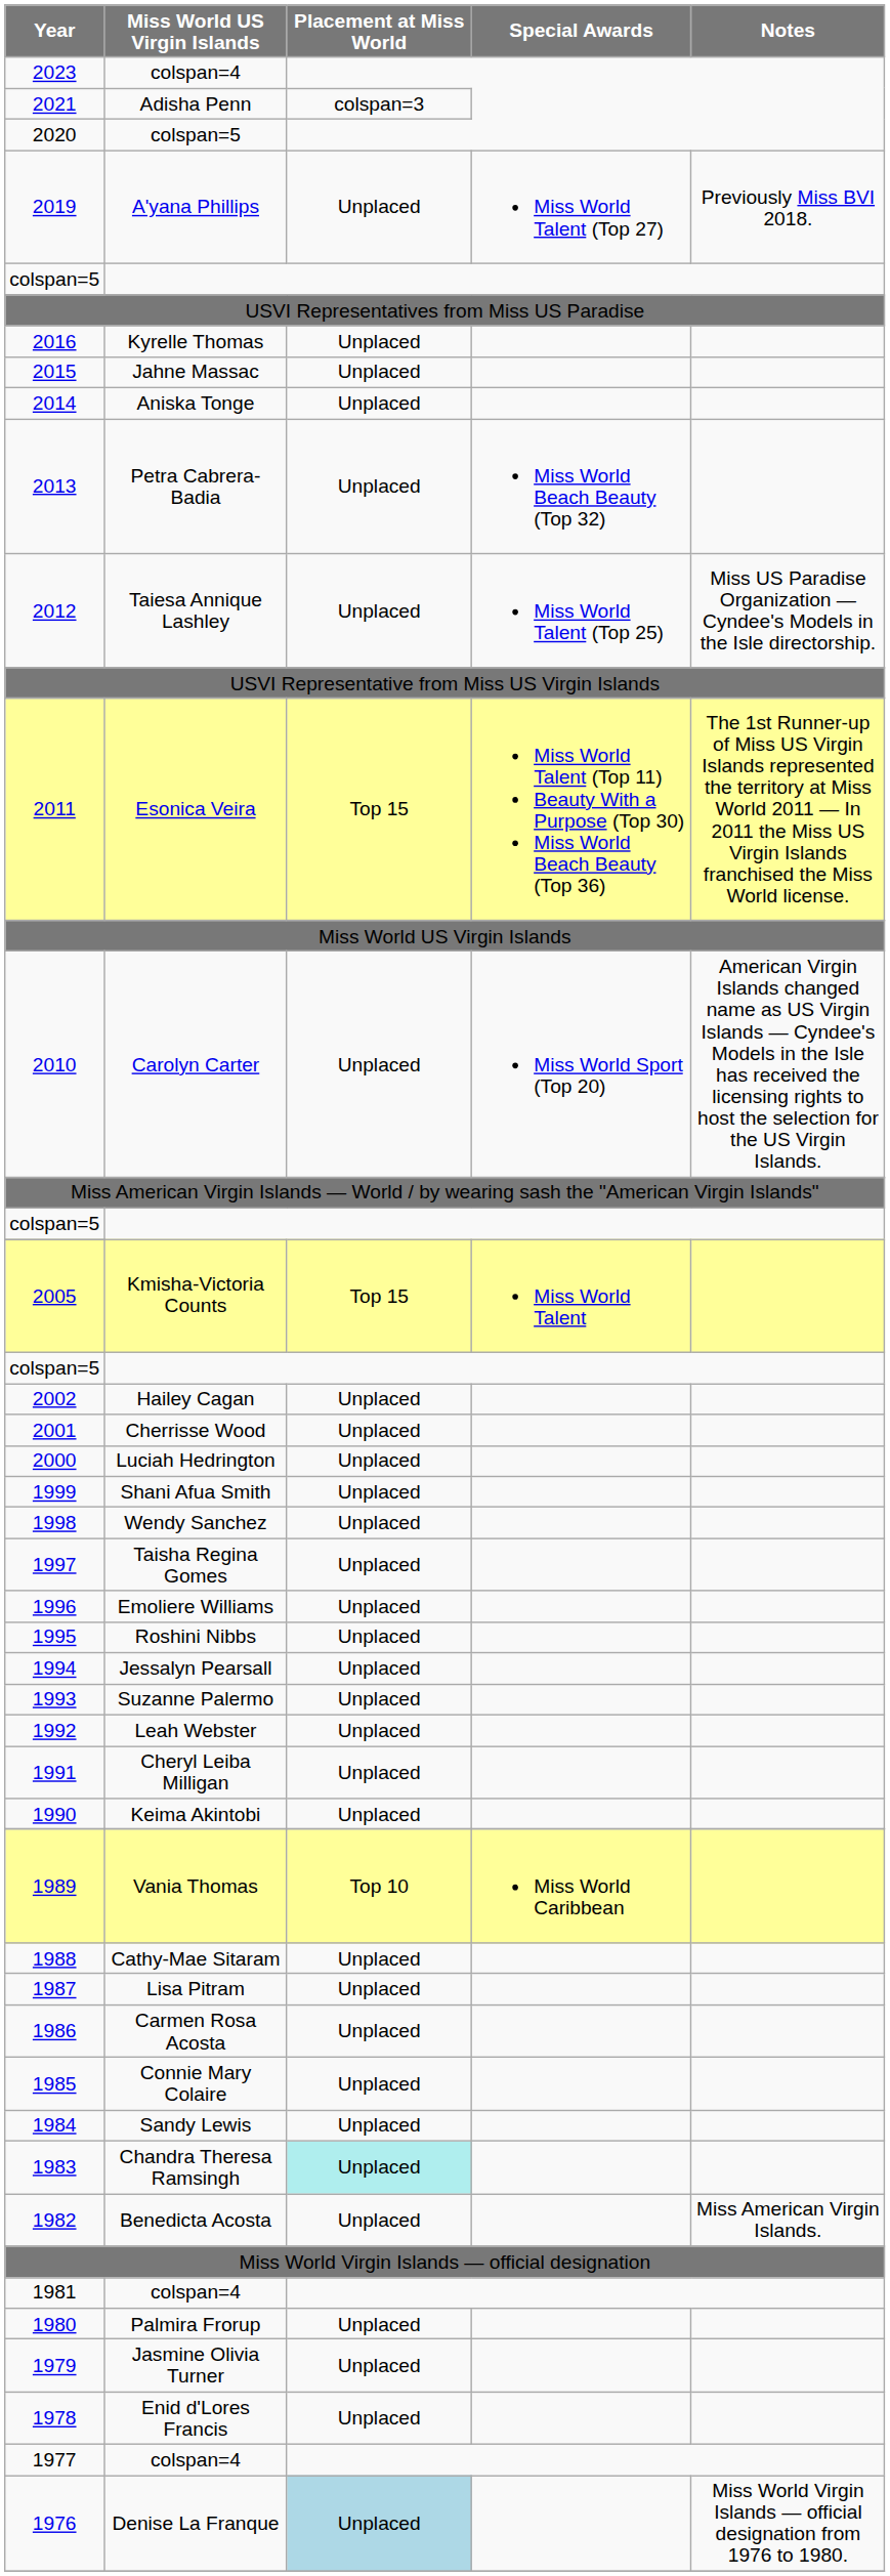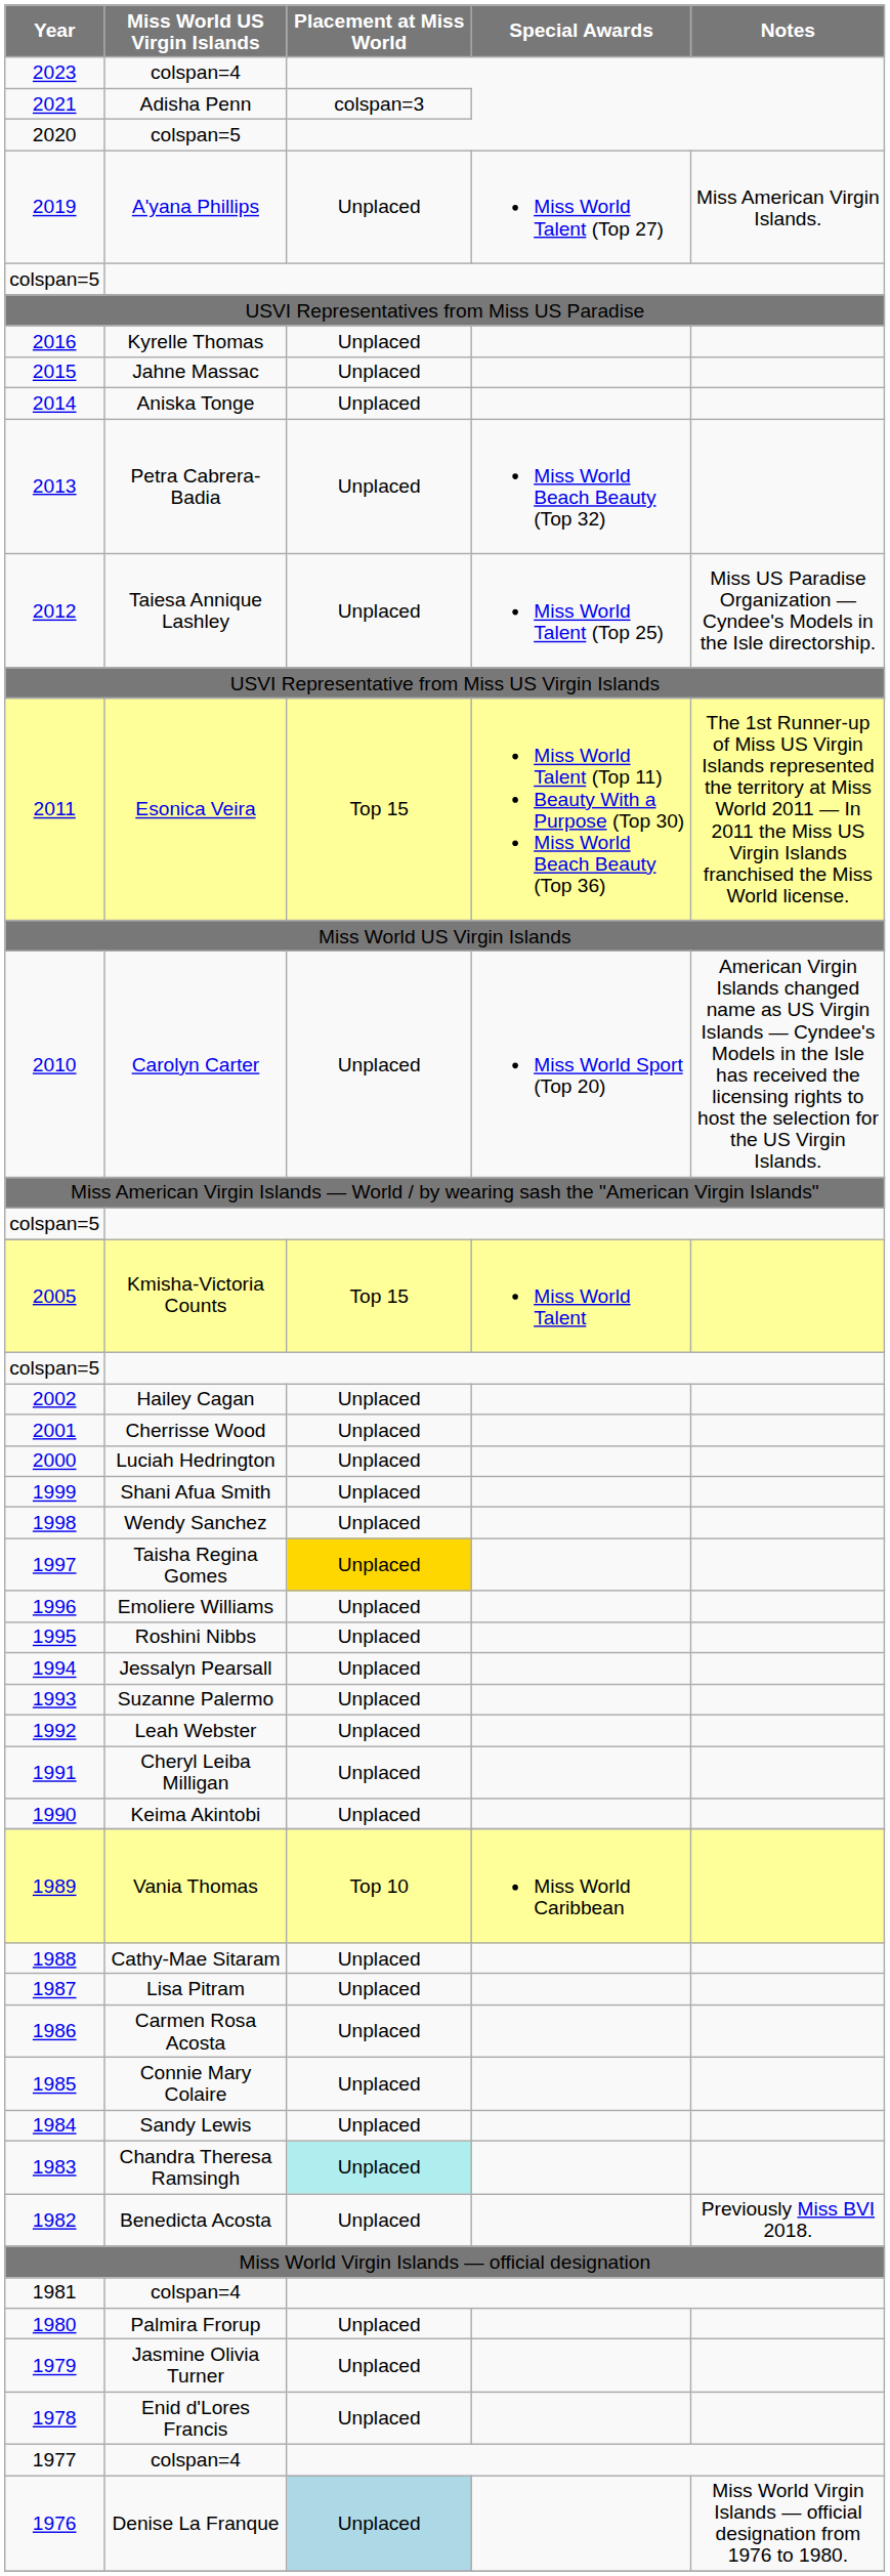 <table class="wikitable " style="font-size: 85%; text-align:center">
 <tr>
 <th width="60" style="background-color:#787878;color:#FFFFFF;">Year</th>
 <th width="250" style="background-color:#787878;color:#FFFFFF;">Miss World US Virgin Islands</th>
 <th width="250" style="background-color:#787878;color:#FFFFFF;">Placement at Miss World</th>
 <th width="250" style="background-color:#787878;color:#FFFFFF;">Special Awards</th>
 <th width="250" style="background-color:#787878;color:#FFFFFF;">Notes</th>
 </tr>
 <tr>
 <td><a href='#'>2023</a></td>
 <td>colspan=4 </td>
 </tr>
 <tr>
 <td><a href='#'>2021</a></td>
 <td>Adisha Penn</td>
 <td>colspan=3 </td>
 </tr>
 <tr>
 <td>2020</td>
 <td>colspan=5 </td>
 </tr>
 <tr>
 <td><a href='#'>2019</a></td>
 <td><a href='#'>A'yana Phillips</a></td>
 <td>Unplaced</td>
 <td align="left"><br><ul><li><a href='#'>Miss World Talent</a> (Top 27)</li></ul></td>
-<td>Previously <a href='#'>Miss BVI</a> 2018.</td>
+<td>Miss American Virgin Islands.</td>
 </tr>
 <tr>
 <td>colspan=5 </td>
 </tr>
 <tr>
 </tr>
 <tr bgcolor="#787878" align="center">
 <td colspan="5"><span>USVI Representatives from Miss US Paradise</span></td>
 </tr>
 <tr>
 <td><a href='#'>2016</a></td>
 <td>Kyrelle Thomas</td>
 <td>Unplaced</td>
 <td></td>
 <td></td>
 </tr>
 <tr>
 <td><a href='#'>2015</a></td>
 <td>Jahne Massac</td>
 <td>Unplaced</td>
 <td></td>
 <td></td>
 </tr>
 <tr>
 <td><a href='#'>2014</a></td>
 <td>Aniska Tonge</td>
 <td>Unplaced</td>
 <td></td>
 <td></td>
 </tr>
 <tr>
 <td><a href='#'>2013</a></td>
 <td>Petra Cabrera-Badia</td>
 <td>Unplaced</td>
 <td align="left"><br><ul><li><a href='#'>Miss World Beach Beauty</a> (Top 32)</li></ul></td>
 <td></td>
 </tr>
 <tr>
 <td><a href='#'>2012</a></td>
 <td>Taiesa Annique Lashley</td>
 <td>Unplaced</td>
 <td align="left"><br><ul><li><a href='#'>Miss World Talent</a> (Top 25)</li></ul></td>
 <td>Miss US Paradise Organization — Cyndee's Models in the Isle directorship.</td>
 </tr>
 <tr>
 </tr>
 <tr bgcolor="#787878" align="center">
 <td colspan="5"><span>USVI Representative from Miss US Virgin Islands</span></td>
 </tr>
 <tr>
 </tr>
 <tr style="background-color:#FFFF99;">
 <td><a href='#'>2011</a></td>
 <td><a href='#'>Esonica Veira</a></td>
 <td>Top 15</td>
 <td align="left"><br><ul><li><a href='#'>Miss World Talent</a> (Top 11)</li><li><a href='#'>Beauty With a Purpose</a> (Top 30)</li><li><a href='#'>Miss World Beach Beauty</a> (Top 36)</li></ul></td>
 <td>The 1st Runner-up of Miss US Virgin Islands represented the territory at Miss World 2011 — In 2011 the Miss US Virgin Islands franchised the Miss World license.</td>
 </tr>
 <tr>
 </tr>
 <tr bgcolor="#787878" align="center">
 <td colspan="5"><span>Miss World US Virgin Islands</span></td>
 </tr>
 <tr>
 <td><a href='#'>2010</a></td>
 <td><a href='#'>Carolyn Carter</a></td>
 <td>Unplaced</td>
 <td align="left"><br><ul><li><a href='#'>Miss World Sport</a> (Top 20)</li></ul></td>
 <td>American Virgin Islands changed name as US Virgin Islands — Cyndee's Models in the Isle has received the licensing rights to host the selection for the US Virgin Islands.</td>
 </tr>
 <tr>
 </tr>
 <tr bgcolor="#787878" align="center">
 <td colspan="5"><span>Miss American Virgin Islands — World / by wearing sash the "American Virgin Islands"</span></td>
 </tr>
 <tr>
 <td>colspan=5 </td>
 </tr>
 <tr>
 </tr>
 <tr style="background-color:#FFFF99;">
 <td><a href='#'>2005</a></td>
 <td>Kmisha-Victoria Counts</td>
 <td>Top 15</td>
 <td align="left"><br><ul><li><a href='#'>Miss World Talent</a></li></ul></td>
 <td></td>
 </tr>
 <tr>
 <td>colspan=5 </td>
 </tr>
 <tr>
 <td><a href='#'>2002</a></td>
 <td>Hailey Cagan</td>
 <td>Unplaced</td>
 <td></td>
 <td></td>
 </tr>
 <tr>
 <td><a href='#'>2001</a></td>
 <td>Cherrisse Wood</td>
 <td>Unplaced</td>
 <td></td>
 <td></td>
 </tr>
 <tr>
 <td><a href='#'>2000</a></td>
 <td>Luciah Hedrington</td>
 <td>Unplaced</td>
 <td></td>
 <td></td>
 </tr>
 <tr>
 <td><a href='#'>1999</a></td>
 <td>Shani Afua Smith</td>
 <td>Unplaced</td>
 <td></td>
 <td></td>
 </tr>
 <tr>
 <td><a href='#'>1998</a></td>
 <td>Wendy Sanchez</td>
 <td>Unplaced</td>
 <td></td>
 <td></td>
 </tr>
 <tr>
 <td><a href='#'>1997</a></td>
 <td>Taisha Regina Gomes</td>
-<td>Unplaced</td>
+<td style="background: gold;">Unplaced</td>
 <td></td>
 <td></td>
 </tr>
 <tr>
 <td><a href='#'>1996</a></td>
 <td>Emoliere Williams</td>
 <td>Unplaced</td>
 <td></td>
 <td></td>
 </tr>
 <tr>
 <td><a href='#'>1995</a></td>
 <td>Roshini Nibbs</td>
 <td>Unplaced</td>
 <td></td>
 <td></td>
 </tr>
 <tr>
 <td><a href='#'>1994</a></td>
 <td>Jessalyn Pearsall</td>
 <td>Unplaced</td>
 <td></td>
 <td></td>
 </tr>
 <tr>
 <td><a href='#'>1993</a></td>
 <td>Suzanne Palermo</td>
 <td>Unplaced</td>
 <td></td>
 <td></td>
 </tr>
 <tr>
 <td><a href='#'>1992</a></td>
 <td>Leah Webster</td>
 <td>Unplaced</td>
 <td></td>
 <td></td>
 </tr>
 <tr>
 <td><a href='#'>1991</a></td>
 <td>Cheryl Leiba Milligan</td>
 <td>Unplaced</td>
 <td></td>
 <td></td>
 </tr>
 <tr>
 <td><a href='#'>1990</a></td>
 <td>Keima Akintobi</td>
 <td>Unplaced</td>
 <td></td>
 <td></td>
 </tr>
 <tr>
 </tr>
 <tr style="background-color:#FFFF99;">
 <td><a href='#'>1989</a></td>
 <td>Vania Thomas</td>
 <td>Top 10</td>
 <td align="left"><br><ul><li>Miss World Caribbean</li></ul></td>
 <td></td>
 </tr>
 <tr>
 <td><a href='#'>1988</a></td>
 <td>Cathy-Mae Sitaram</td>
 <td>Unplaced</td>
 <td></td>
 <td></td>
 </tr>
 <tr>
 <td><a href='#'>1987</a></td>
 <td>Lisa Pitram</td>
 <td>Unplaced</td>
 <td></td>
 <td></td>
 </tr>
 <tr>
 <td><a href='#'>1986</a></td>
 <td>Carmen Rosa Acosta</td>
 <td>Unplaced</td>
 <td></td>
 <td></td>
 </tr>
 <tr>
 <td><a href='#'>1985</a></td>
 <td>Connie Mary Colaire</td>
 <td>Unplaced</td>
 <td></td>
 <td></td>
 </tr>
 <tr>
 <td><a href='#'>1984</a></td>
 <td>Sandy Lewis</td>
 <td>Unplaced</td>
 <td></td>
 <td></td>
 </tr>
 <tr>
 <td><a href='#'>1983</a></td>
 <td>Chandra Theresa Ramsingh</td>
 <td style="background: paleturquoise;">Unplaced</td>
 <td></td>
 <td></td>
 </tr>
 <tr>
 <td><a href='#'>1982</a></td>
 <td>Benedicta Acosta</td>
 <td>Unplaced</td>
 <td></td>
-<td>Miss American Virgin Islands.</td>
+<td>Previously <a href='#'>Miss BVI</a> 2018.</td>
 </tr>
 <tr>
 </tr>
 <tr bgcolor="#787878" align="center">
 <td colspan="5"><span>Miss World Virgin Islands — official designation</span></td>
 </tr>
 <tr>
 <td>1981</td>
 <td>colspan=4 </td>
 </tr>
 <tr>
 <td><a href='#'>1980</a></td>
 <td>Palmira Frorup</td>
 <td>Unplaced</td>
 <td></td>
 <td></td>
 </tr>
 <tr>
 <td><a href='#'>1979</a></td>
 <td>Jasmine Olivia Turner</td>
 <td>Unplaced</td>
 <td></td>
 <td></td>
 </tr>
 <tr>
 <td><a href='#'>1978</a></td>
 <td>Enid d'Lores Francis</td>
 <td>Unplaced</td>
 <td></td>
 <td></td>
 </tr>
 <tr>
 <td>1977</td>
 <td>colspan=4 </td>
 </tr>
 <tr>
 <td><a href='#'>1976</a></td>
 <td>Denise La Franque</td>
 <td style="background: lightblue;">Unplaced</td>
 <td></td>
 <td>Miss World Virgin Islands — official designation from 1976 to 1980.</td>
 </tr>
 <tr>
 </tr>
 </table>
